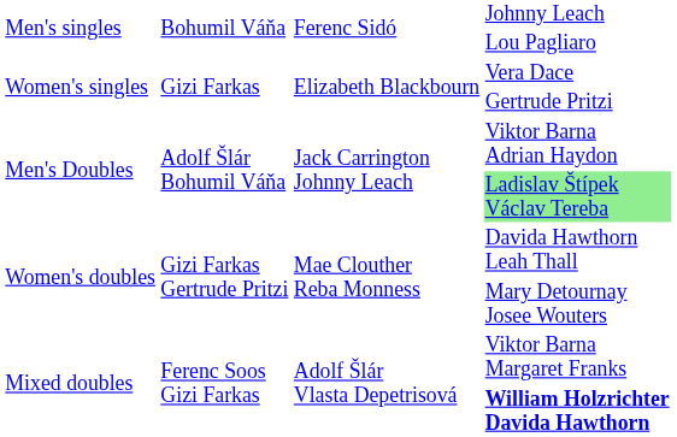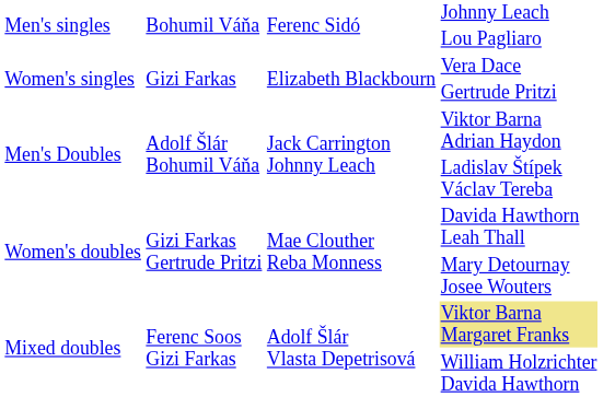 <table>
 <tr>
 <td rowspan=2><a href='#'>Men's singles</a></td>
 <td rowspan=2> <a href='#'>Bohumil Váňa</a></td>
 <td rowspan=2> <a href='#'>Ferenc Sidó</a></td>
 <td> <a href='#'>Johnny Leach</a></td>
 </tr>
 <tr>
 <td> <a href='#'>Lou Pagliaro</a></td>
 </tr>
 <tr>
 <td rowspan=2><a href='#'>Women's singles</a></td>
 <td rowspan=2> <a href='#'>Gizi Farkas</a></td>
 <td rowspan=2> <a href='#'>Elizabeth Blackbourn</a></td>
 <td> <a href='#'>Vera Dace</a></td>
 </tr>
 <tr>
 <td> <a href='#'>Gertrude Pritzi</a></td>
 </tr>
 <tr>
 <td rowspan=2><a href='#'>Men's Doubles</a></td>
 <td rowspan=2> <a href='#'>Adolf Šlár</a><br> <a href='#'>Bohumil Váňa</a></td>
 <td rowspan=2> <a href='#'>Jack Carrington</a><br> <a href='#'>Johnny Leach</a></td>
 <td> <a href='#'>Viktor Barna</a><br> <a href='#'>Adrian Haydon</a></td>
 </tr>
 <tr>
-<td style="background: lightgreen;"> <a href='#'>Ladislav Štípek</a><br> <a href='#'>Václav Tereba</a></td>
+<td> <a href='#'>Ladislav Štípek</a><br> <a href='#'>Václav Tereba</a></td>
 </tr>
 <tr>
 <td rowspan=2><a href='#'>Women's doubles</a></td>
 <td rowspan=2> <a href='#'>Gizi Farkas</a><br> <a href='#'>Gertrude Pritzi</a></td>
 <td rowspan=2> <a href='#'>Mae Clouther</a><br> <a href='#'>Reba Monness</a></td>
 <td> <a href='#'>Davida Hawthorn</a><br> <a href='#'>Leah Thall</a></td>
 </tr>
 <tr>
 <td> <a href='#'>Mary Detournay</a><br> <a href='#'>Josee Wouters</a></td>
 </tr>
 <tr>
 <td rowspan=2><a href='#'>Mixed doubles</a></td>
 <td rowspan=2> <a href='#'>Ferenc Soos</a><br> <a href='#'>Gizi Farkas</a></td>
 <td rowspan=2> <a href='#'>Adolf Šlár</a><br> <a href='#'>Vlasta Depetrisová</a></td>
-<td> <a href='#'>Viktor Barna</a><br> <a href='#'>Margaret Franks</a></td>
+<td style="background: khaki;"> <a href='#'>Viktor Barna</a><br> <a href='#'>Margaret Franks</a></td>
 </tr>
 <tr>
-<td><strong> <a href='#'>William Holzrichter</a><br> <a href='#'>Davida Hawthorn</a></strong></td>
+<td> <a href='#'>William Holzrichter</a><br> <a href='#'>Davida Hawthorn</a></td>
 </tr>
 </table>
